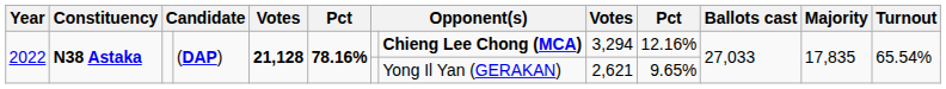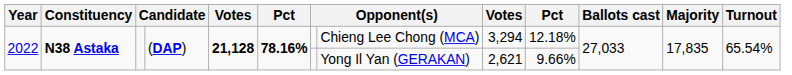 <table class="wikitable" style="margin:0.5em ; font-size:95%">
 <tr>
 <th>Year</th>
 <th>Constituency</th>
 <th colspan=2>Candidate</th>
 <th>Votes</th>
 <th>Pct</th>
 <th colspan=2>Opponent(s)</th>
 <th>Votes</th>
 <th>Pct</th>
 <th>Ballots cast</th>
 <th>Majority</th>
 <th>Turnout</th>
 </tr>
 <tr>
 <td rowspan=2><a href='#'>2022</a></td>
 <td rowspan=2><strong>N38 <a href='#'>Astaka</a></strong></td>
 <td rowspan=2 ></td>
 <td rowspan=2> (<a href='#'><strong>DAP</strong></a>)</td>
 <td rowspan=2 align=right><strong>21,128</strong></td>
 <td rowspan=2><strong>78.16%</strong></td>
 <td></td>
-<td><strong>Chieng Lee Chong (<a href='#'>MCA</a>)</strong></td>
+<td>Chieng Lee Chong (<a href='#'>MCA</a>)</td>
 <td align=right>3,294</td>
-<td align=right>12.16%</td>
+<td align=right>12.18%</td>
 <td rowspan=2>27,033</td>
 <td rowspan=2>17,835</td>
 <td rowspan=2>65.54%</td>
 </tr>
 <tr>
 <td></td>
 <td>Yong Il Yan (<a href='#'>GERAKAN</a>)</td>
 <td align=right>2,621</td>
-<td align=right>9.65%</td>
+<td align=right>9.66%</td>
 </tr>
 </table>
